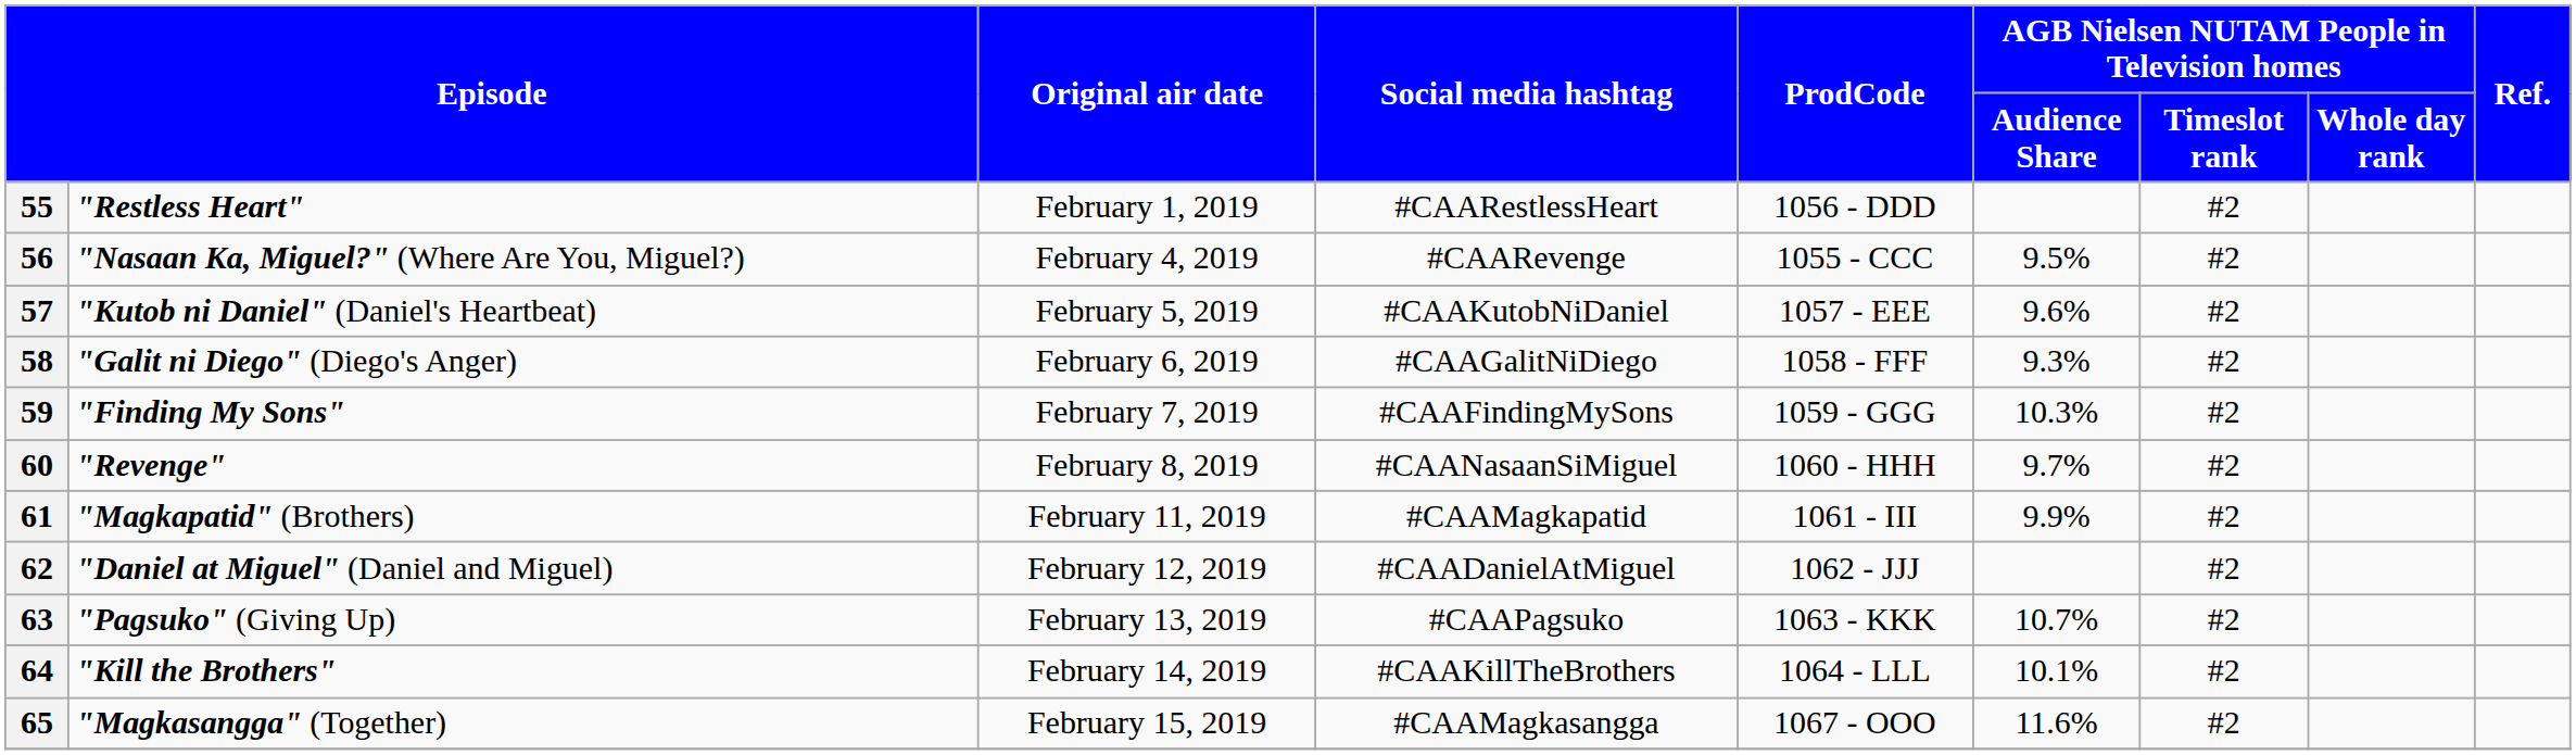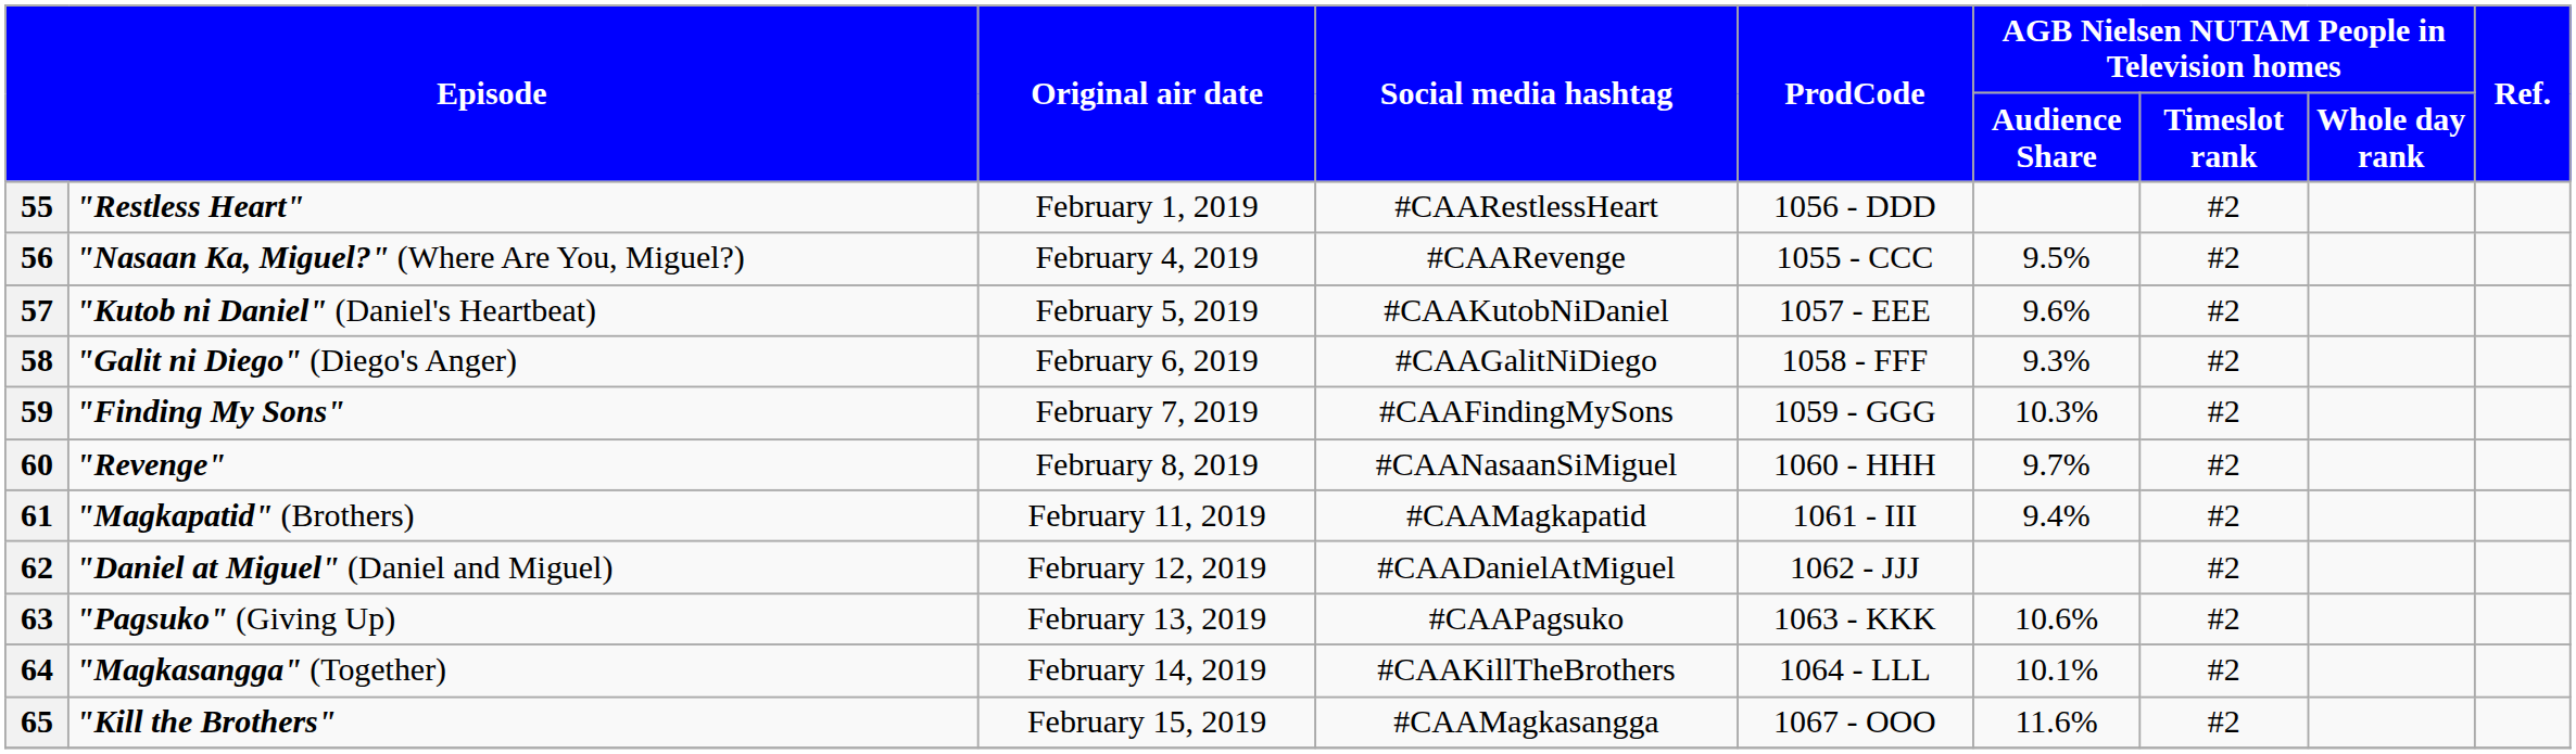 <table class="wikitable" style="text-align:center; font-size:100%; line-height:18px;" width="100%">
 <tr>
 <th style="background-color:#0000FF; color:#ffffff;" colspan="2" rowspan="2">Episode</th>
 <th style="background-color:#0000FF; color:white" rowspan="2">Original air date</th>
 <th style="background-color:#0000FF; color:white" rowspan="2">Social media hashtag</th>
 <th style="background-color:#0000FF; color:#ffffff;" rowspan="2">ProdCode</th>
 <th style="background-color:#0000FF; color:#ffffff;" colspan="3">AGB Nielsen NUTAM People in Television homes</th>
 <th style="background-color:#0000FF; color:#ffffff;" rowspan="2">Ref.</th>
 </tr>
 <tr>
 <th style="background-color:#0000FF; width:75px; color:#ffffff;">Audience Share</th>
 <th style="background-color:#0000FF; width:75px; color:#ffffff;">Timeslot<br>rank</th>
 <th style="background-color:#0000FF; width:75px; color:#ffffff;">Whole day<br>rank</th>
 </tr>
 <tr>
 <th>55</th>
 <td style="text-align: left;"><strong><em>"Restless Heart"</em></strong></td>
 <td>February 1, 2019</td>
 <td>#CAARestlessHeart</td>
 <td>1056 - DDD</td>
 <td></td>
 <td>#2</td>
 <td></td>
 <td></td>
 </tr>
 <tr>
 <th>56</th>
 <td style="text-align: left;"><strong><em>"Nasaan Ka, Miguel?"</em></strong> (Where Are You, Miguel?)</td>
 <td>February 4, 2019</td>
 <td>#CAARevenge</td>
 <td>1055 - CCC</td>
 <td>9.5%</td>
 <td>#2</td>
 <td></td>
 <td></td>
 </tr>
 <tr>
 <th>57</th>
 <td style="text-align: left;"><strong><em>"Kutob ni Daniel"</em></strong> (Daniel's Heartbeat)</td>
 <td>February 5, 2019</td>
 <td>#CAAKutobNiDaniel</td>
 <td>1057 - EEE</td>
 <td>9.6%</td>
 <td>#2</td>
 <td></td>
 <td></td>
 </tr>
 <tr>
 <th>58</th>
 <td style="text-align: left;"><strong><em>"Galit ni Diego"</em></strong> (Diego's Anger)</td>
 <td>February 6, 2019</td>
 <td>#CAAGalitNiDiego</td>
 <td>1058 - FFF</td>
 <td>9.3%</td>
 <td>#2</td>
 <td></td>
 <td></td>
 </tr>
 <tr>
 <th>59</th>
 <td style="text-align: left;"><strong><em>"Finding My Sons"</em></strong></td>
 <td>February 7, 2019</td>
 <td>#CAAFindingMySons</td>
 <td>1059 - GGG</td>
 <td>10.3%</td>
 <td>#2</td>
 <td></td>
 <td></td>
 </tr>
 <tr>
 <th>60</th>
 <td style="text-align: left;"><strong><em>"Revenge"</em></strong></td>
 <td>February 8, 2019</td>
 <td>#CAANasaanSiMiguel</td>
 <td>1060 - HHH</td>
 <td>9.7%</td>
 <td>#2</td>
 <td></td>
 <td></td>
 </tr>
 <tr>
 <th>61</th>
 <td style="text-align: left;"><strong><em>"Magkapatid"</em></strong> (Brothers)</td>
 <td>February 11, 2019</td>
 <td>#CAAMagkapatid</td>
 <td>1061 - III</td>
-<td>9.9%</td>
+<td>9.4%</td>
 <td>#2</td>
 <td></td>
 <td></td>
 </tr>
 <tr>
 <th>62</th>
 <td style="text-align: left;"><strong><em>"Daniel at Miguel"</em></strong> (Daniel and Miguel)</td>
 <td>February 12, 2019</td>
 <td>#CAADanielAtMiguel</td>
 <td>1062 - JJJ</td>
 <td></td>
 <td>#2</td>
 <td></td>
 <td></td>
 </tr>
 <tr>
 <th>63</th>
 <td style="text-align: left;"><strong><em>"Pagsuko"</em></strong> (Giving Up)</td>
 <td>February 13, 2019</td>
 <td>#CAAPagsuko</td>
 <td>1063 - KKK</td>
-<td>10.7%</td>
+<td>10.6%</td>
 <td>#2</td>
 <td></td>
 <td></td>
 </tr>
 <tr>
 <th>64</th>
-<td style="text-align: left;"><strong><em>"Kill the Brothers"</em></strong></td>
+<td style="text-align: left;"><strong><em>"Magkasangga"</em></strong> (Together)</td>
 <td>February 14, 2019</td>
 <td>#CAAKillTheBrothers</td>
 <td>1064 - LLL</td>
 <td>10.1%</td>
 <td>#2</td>
 <td></td>
 <td></td>
 </tr>
 <tr>
 <th>65</th>
-<td style="text-align: left;"><strong><em>"Magkasangga"</em></strong> (Together)</td>
+<td style="text-align: left;"><strong><em>"Kill the Brothers"</em></strong></td>
 <td>February 15, 2019</td>
 <td>#CAAMagkasangga</td>
 <td>1067 - OOO</td>
 <td>11.6%</td>
 <td>#2</td>
 <td></td>
 <td></td>
 </tr>
 <tr>
 </tr>
 </table>
